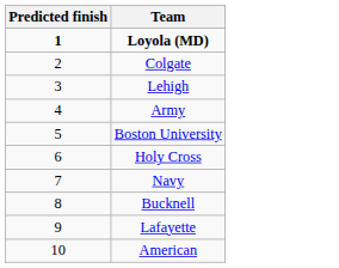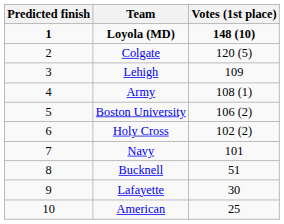 <table class="wikitable" border="1">
 <tr align=center>
 <th>Predicted finish</th>
 <th>Team</th>
+<th>Votes (1st place)</th>
 </tr>
 <tr align="center">
 <td><strong>1</strong></td>
 <td><strong>Loyola (MD)</strong></td>
+<td><strong>148 (10)</strong></td>
 </tr>
 <tr align="center">
 <td>2</td>
 <td><a href='#'>Colgate</a></td>
+<td>120 (5)</td>
 </tr>
 <tr align="center">
 <td>3</td>
 <td><a href='#'>Lehigh</a></td>
+<td>109</td>
 </tr>
 <tr align="center">
 <td>4</td>
 <td><a href='#'>Army</a></td>
+<td>108 (1)</td>
 </tr>
 <tr align="center">
 <td>5</td>
 <td><a href='#'>Boston University</a></td>
+<td>106 (2)</td>
 </tr>
 <tr align="center">
 <td>6</td>
 <td><a href='#'>Holy Cross</a></td>
+<td>102 (2)</td>
 </tr>
 <tr align="center">
 <td>7</td>
 <td><a href='#'>Navy</a></td>
+<td>101</td>
 </tr>
 <tr align="center">
 <td>8</td>
 <td><a href='#'>Bucknell</a></td>
+<td>51</td>
 </tr>
 <tr align="center">
 <td>9</td>
 <td><a href='#'>Lafayette</a></td>
+<td>30</td>
 </tr>
 <tr align="center">
 <td>10</td>
 <td><a href='#'>American</a></td>
+<td>25</td>
 </tr>
 </table>
